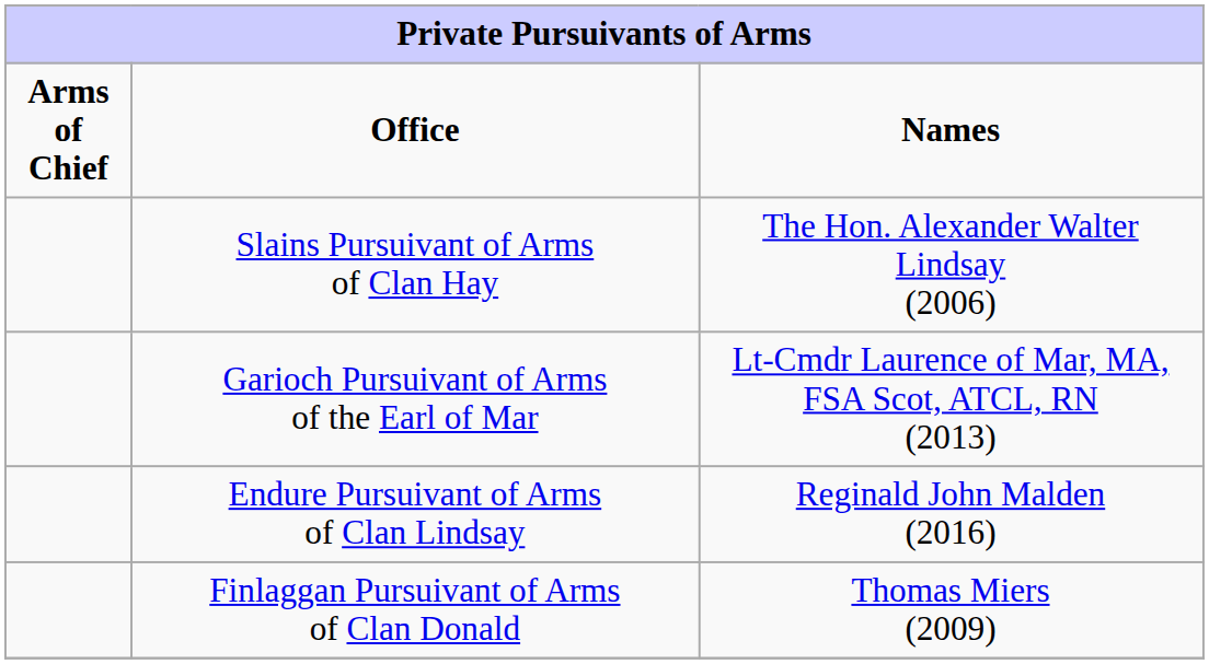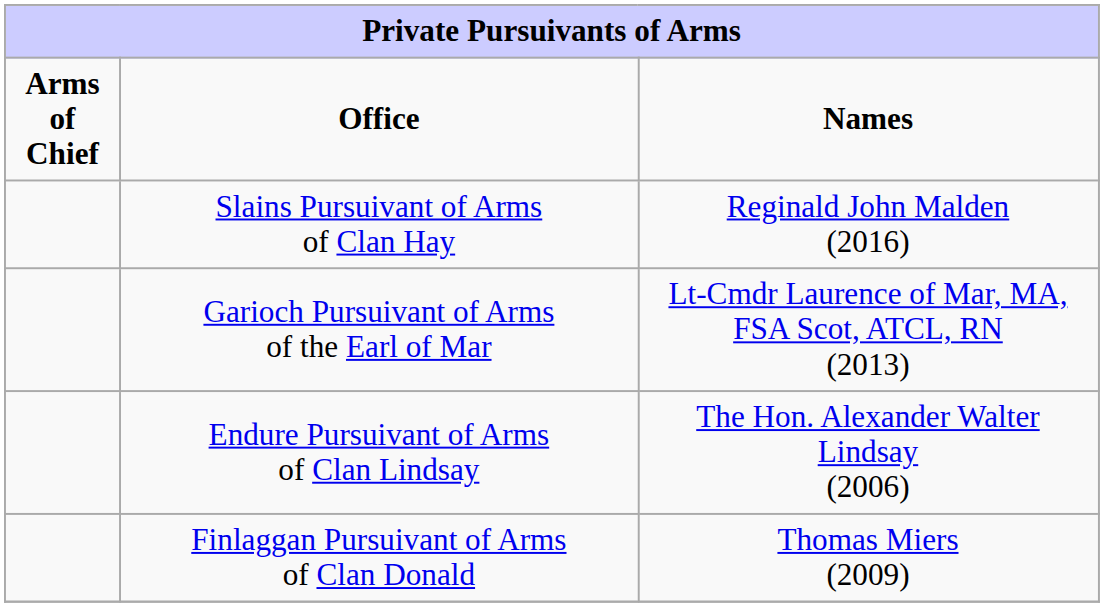 <table width = "90%" border = 1 border="1" cellpadding="4" cellspacing="0" style="margin: 0.5em 1em 0.5em 0; background: #f9f9f9; border: 1px #aaa solid; border-collapse: collapse;">
 <tr>
 <td colspan = "4" bgcolor = "#ccccff" align="center"><strong>Private Pursuivants of Arms</strong></td>
 </tr>
 <tr>
 <th style="width: 10%;">Arms of Chief</th>
 <th style="width: 45%;">Office</th>
 <th style="width: 40%;">Names</th>
 </tr>
 <tr>
 <td align="center"></td>
 <td style="text-align:center;"><a href='#'>Slains Pursuivant of Arms</a><br> of <a href='#'>Clan Hay</a></td>
-<td style="text-align:center;"><a href='#'>The Hon. Alexander Walter Lindsay</a><br>(2006)</td>
+<td style="text-align:center;"><a href='#'>Reginald John Malden</a><br>(2016)</td>
 </tr>
 <tr>
 <td align="center"></td>
 <td style="text-align:center;"><a href='#'>Garioch Pursuivant of Arms</a><br> of the <a href='#'>Earl of Mar</a></td>
 <td style="text-align:center;"><a href='#'>Lt-Cmdr Laurence of Mar, MA, FSA Scot, ATCL, RN</a><br>(2013)</td>
 </tr>
 <tr>
 <td align="center"></td>
 <td style="text-align:center;"><a href='#'>Endure Pursuivant of Arms</a><br> of <a href='#'>Clan Lindsay</a></td>
-<td style="text-align:center;"><a href='#'>Reginald John Malden</a><br>(2016)</td>
+<td style="text-align:center;"><a href='#'>The Hon. Alexander Walter Lindsay</a><br>(2006)</td>
 </tr>
 <tr>
 <td align="center"></td>
 <td style="text-align:center;"><a href='#'>Finlaggan Pursuivant of Arms</a><br> of <a href='#'>Clan Donald</a></td>
 <td style="text-align:center;"><a href='#'>Thomas Miers</a><br>(2009)</td>
 </tr>
 <tr>
 </tr>
 </table>
